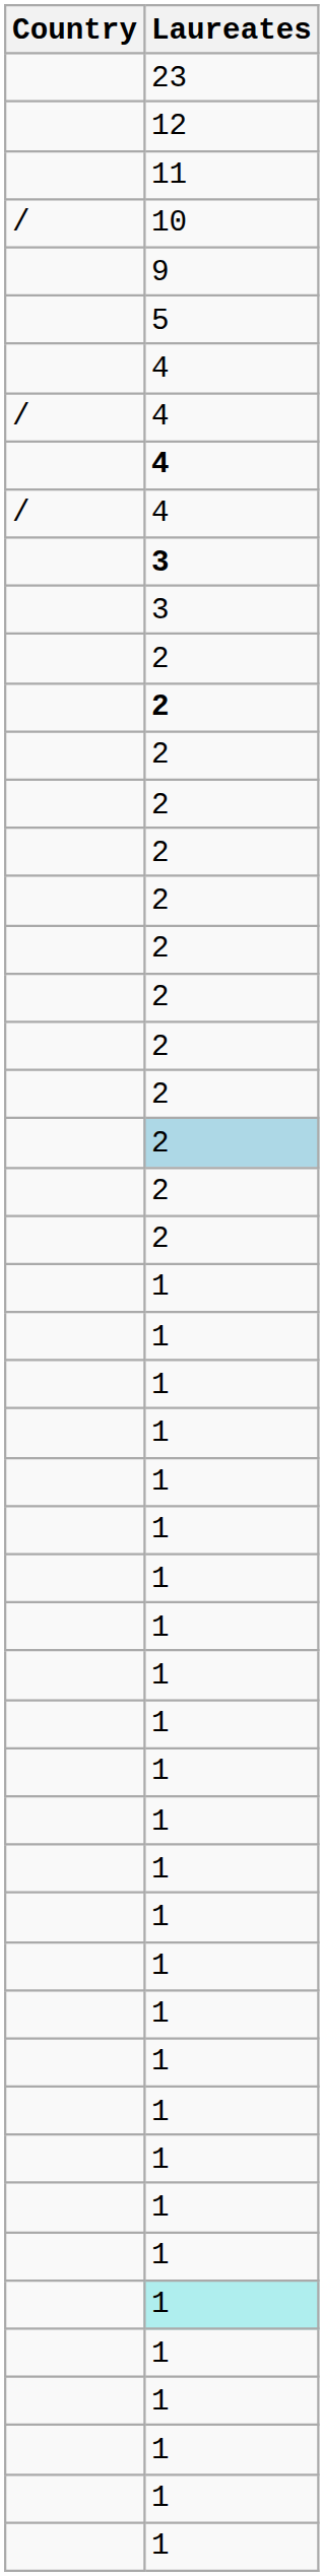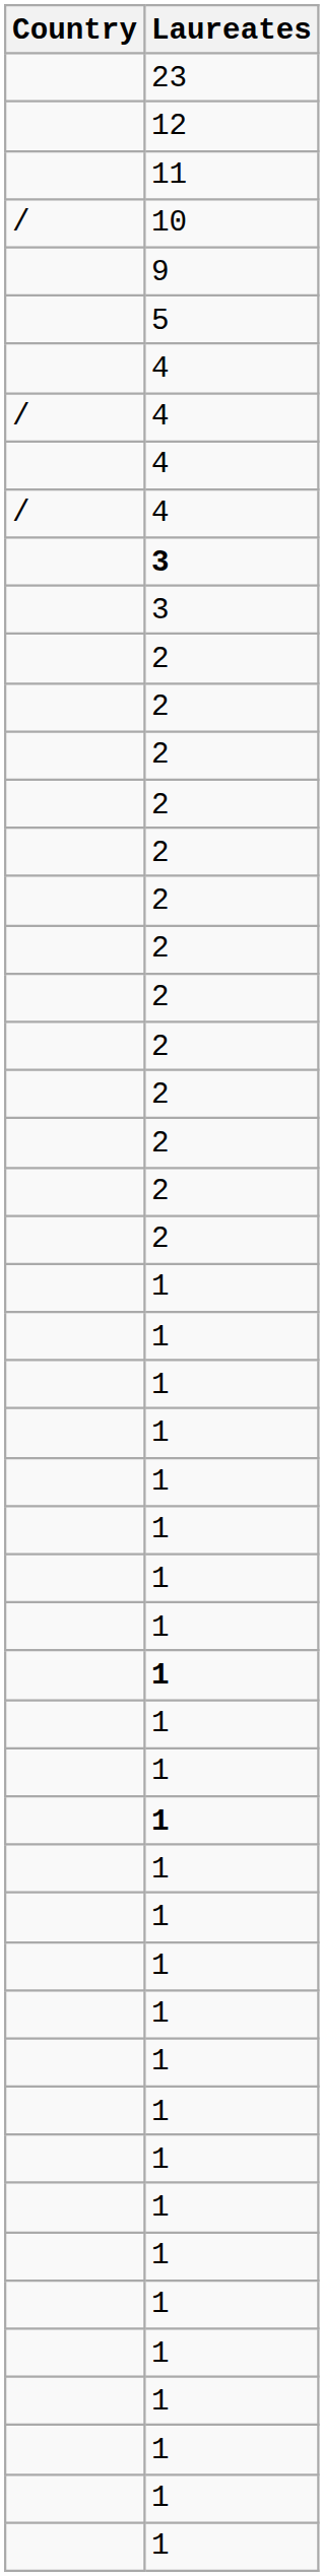 <table class="wikitable">
 <tr>
 <th align="center">Country</th>
 <th align="center">Laureates</th>
 </tr>
 <tr>
 <td></td>
 <td>23</td>
 </tr>
 <tr>
 <td></td>
 <td>12</td>
 </tr>
 <tr>
 <td></td>
 <td>11</td>
 </tr>
 <tr>
 <td> / </td>
 <td>10</td>
 </tr>
 <tr>
 <td></td>
 <td>9</td>
 </tr>
 <tr>
 <td></td>
 <td>5</td>
 </tr>
 <tr>
 <td></td>
 <td>4</td>
 </tr>
 <tr>
 <td> / </td>
 <td>4</td>
 </tr>
 <tr>
 <td></td>
-<td><strong>4</strong></td>
+<td>4</td>
 </tr>
 <tr>
 <td> / </td>
 <td>4</td>
 </tr>
 <tr>
 <td></td>
 <td><strong>3</strong></td>
 </tr>
 <tr>
 <td></td>
 <td>3</td>
-</tr>
-<tr>
-<td></td>
-<td>2</td>
-</tr>
-<tr>
-<td></td>
-<td><strong>2</strong></td>
 </tr>
 <tr>
 <td></td>
 <td>2</td>
 </tr>
 <tr>
 <td></td>
 <td>2</td>
 </tr>
 <tr>
 <td></td>
 <td>2</td>
 </tr>
 <tr>
 <td></td>
 <td>2</td>
 </tr>
 <tr>
 <td></td>
 <td>2</td>
 </tr>
 <tr>
 <td></td>
 <td>2</td>
 </tr>
 <tr>
 <td></td>
 <td>2</td>
 </tr>
 <tr>
 <td></td>
 <td>2</td>
 </tr>
 <tr>
 <td></td>
-<td style="background: lightblue;">2</td>
+<td>2</td>
 </tr>
 <tr>
 <td></td>
 <td>2</td>
 </tr>
 <tr>
 <td></td>
 <td>2</td>
+</tr>
+<tr>
+<td></td>
+<td>2</td>
+</tr>
+<tr>
+<td></td>
+<td>2</td>
+</tr>
+<tr>
+<td></td>
+<td>1</td>
+</tr>
+<tr>
+<td></td>
+<td>1</td>
+</tr>
+<tr>
+<td></td>
+<td>1</td>
+</tr>
+<tr>
+<td></td>
+<td>1</td>
+</tr>
+<tr>
+<td></td>
+<td>1</td>
+</tr>
+<tr>
+<td></td>
+<td>1</td>
+</tr>
+<tr>
+<td></td>
+<td>1</td>
+</tr>
+<tr>
+<td></td>
+<td>1</td>
+</tr>
+<tr>
+<td></td>
+<td><strong>1</strong></td>
+</tr>
+<tr>
+<td></td>
+<td>1</td>
+</tr>
+<tr>
+<td></td>
+<td>1</td>
+</tr>
+<tr>
+<td></td>
+<td><strong>1</strong></td>
 </tr>
 <tr>
 <td></td>
 <td>1</td>
 </tr>
 <tr>
 <td></td>
 <td>1</td>
 </tr>
 <tr>
 <td></td>
 <td>1</td>
 </tr>
 <tr>
 <td></td>
 <td>1</td>
 </tr>
 <tr>
 <td></td>
 <td>1</td>
 </tr>
 <tr>
 <td></td>
 <td>1</td>
 </tr>
 <tr>
 <td></td>
 <td>1</td>
 </tr>
 <tr>
 <td></td>
 <td>1</td>
 </tr>
 <tr>
 <td></td>
 <td>1</td>
 </tr>
 <tr>
 <td></td>
 <td>1</td>
 </tr>
 <tr>
 <td></td>
 <td>1</td>
 </tr>
 <tr>
 <td></td>
 <td>1</td>
 </tr>
 <tr>
 <td></td>
 <td>1</td>
 </tr>
 <tr>
 <td></td>
 <td>1</td>
 </tr>
 <tr>
 <td></td>
 <td>1</td>
 </tr>
-<tr>
-<td></td>
-<td>1</td>
-</tr>
-<tr>
-<td></td>
-<td>1</td>
-</tr>
-<tr>
-<td></td>
-<td>1</td>
-</tr>
-<tr>
-<td></td>
-<td>1</td>
-</tr>
-<tr>
-<td></td>
-<td>1</td>
-</tr>
-<tr>
-<td></td>
-<td>1</td>
-</tr>
-<tr>
-<td></td>
-<td style="background: paleturquoise;">1</td>
-</tr>
-<tr>
-<td></td>
-<td>1</td>
-</tr>
-<tr>
-<td></td>
-<td>1</td>
-</tr>
-<tr>
-<td></td>
-<td>1</td>
-</tr>
-<tr>
-<td></td>
-<td>1</td>
-</tr>
-<tr>
-<td></td>
-<td>1</td>
-</tr>
 </table>
